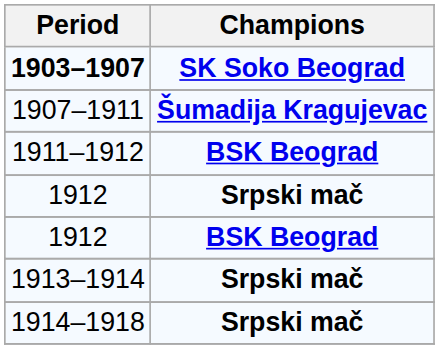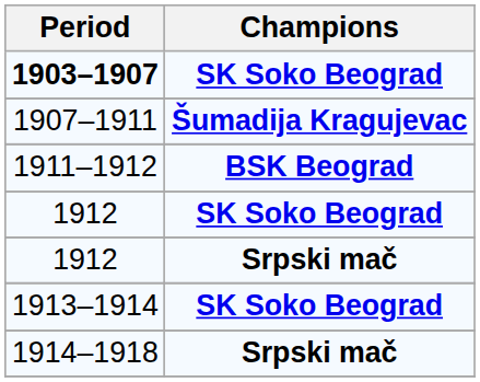 <table class="wikitable sortable" style="text-align: center;">
 <tr>
 <th>Period</th>
 <th>Champions</th>
 </tr>
 <tr bgcolor=#F5FAFF>
 <td><strong>1903–1907</strong></td>
 <td><strong><a href='#'>SK Soko Beograd</a></strong></td>
 </tr>
 <tr bgcolor=#F5FAFF>
 </tr>
 <tr>
 </tr>
 <tr bgcolor=#F5FAFF>
 <td>1907–1911</td>
 <td><strong><a href='#'>Šumadija Kragujevac</a></strong></td>
 </tr>
 <tr bgcolor=#F5FAFF>
 </tr>
 <tr>
 </tr>
 <tr bgcolor=#F5FAFF>
 <td>1911–1912</td>
 <td><strong><a href='#'>BSK Beograd</a></strong></td>
 </tr>
 <tr bgcolor=#F5FAFF>
 </tr>
 <tr>
 </tr>
 <tr bgcolor=#F5FAFF>
 <td>1912</td>
+<td><strong><a href='#'>SK Soko Beograd</a></strong></td>
+</tr>
+<tr bgcolor=#F5FAFF>
+</tr>
+<tr>
+</tr>
+<tr bgcolor=#F5FAFF>
+<td>1912</td>
 <td><strong>Srpski mač</strong></td>
 </tr>
 <tr bgcolor=#F5FAFF>
 </tr>
 <tr>
 </tr>
 <tr bgcolor=#F5FAFF>
-<td>1912</td>
-<td><strong><a href='#'>BSK Beograd</a></strong></td>
-</tr>
-<tr bgcolor=#F5FAFF>
-</tr>
-<tr>
-</tr>
-<tr bgcolor=#F5FAFF>
 <td>1913–1914</td>
-<td><strong>Srpski mač</strong></td>
+<td><strong><a href='#'>SK Soko Beograd</a></strong></td>
 </tr>
 <tr bgcolor=#F5FAFF>
 </tr>
 <tr>
 </tr>
 <tr>
 </tr>
 <tr bgcolor=#F5FAFF>
 <td>1914–1918</td>
 <td><strong>Srpski mač</strong></td>
 </tr>
 <tr bgcolor=#F5FAFF>
 </tr>
 </table>
